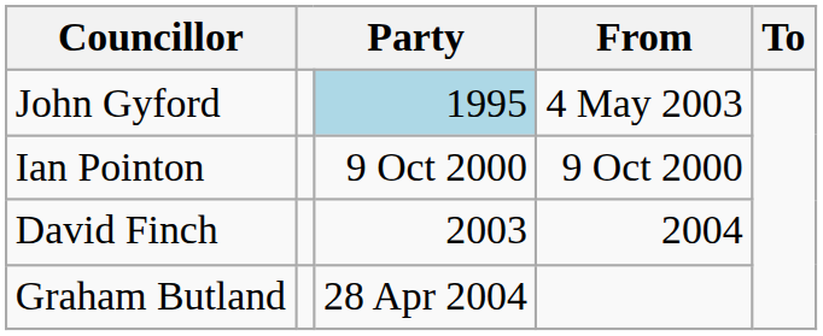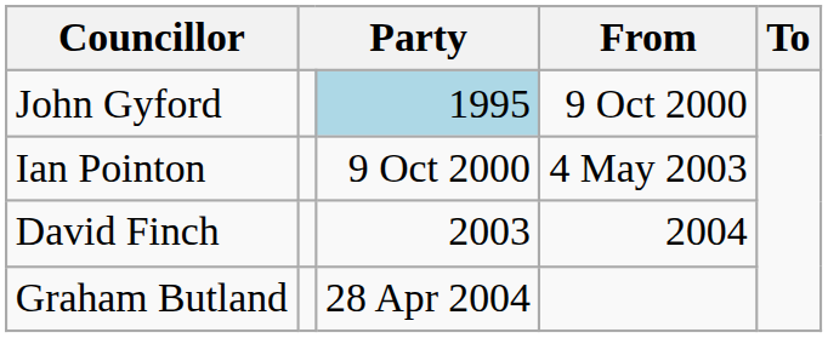 <table class=wikitable>
 <tr>
 <th>Councillor</th>
 <th colspan=2>Party</th>
 <th>From</th>
 <th>To</th>
 </tr>
 <tr>
 <td>John Gyford</td>
 <td></td>
 <td align=right style="background: lightblue;">1995</td>
-<td align=right>4 May 2003</td>
+<td align=right>9 Oct 2000</td>
 </tr>
 <tr>
 <td>Ian Pointon</td>
 <td></td>
 <td align=right>9 Oct 2000</td>
-<td align=right>9 Oct 2000</td>
+<td align=right>4 May 2003</td>
 </tr>
 <tr>
 <td>David Finch</td>
 <td></td>
 <td align=right>2003</td>
 <td align=right>2004</td>
 </tr>
 <tr>
 <td>Graham Butland</td>
 <td></td>
 <td align=right>28 Apr 2004</td>
 <td></td>
 </tr>
 </table>
